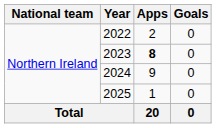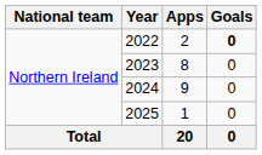 <table class=wikitable style=text-align:center>
 <tr>
 <th>National team</th>
 <th>Year</th>
 <th>Apps</th>
 <th>Goals</th>
 </tr>
 <tr>
 <td rowspan="4"><a href='#'>Northern Ireland</a></td>
 <td>2022</td>
 <td>2</td>
-<td>0</td>
+<td><strong>0</strong></td>
 </tr>
 <tr>
 <td>2023</td>
-<td><strong>8</strong></td>
+<td>8</td>
 <td>0</td>
 </tr>
 <tr>
 <td>2024</td>
 <td>9</td>
 <td>0</td>
 </tr>
 <tr>
 <td>2025</td>
 <td>1</td>
 <td>0</td>
 </tr>
 <tr>
 <th colspan=2>Total</th>
 <th>20</th>
 <th>0</th>
 </tr>
 </table>
